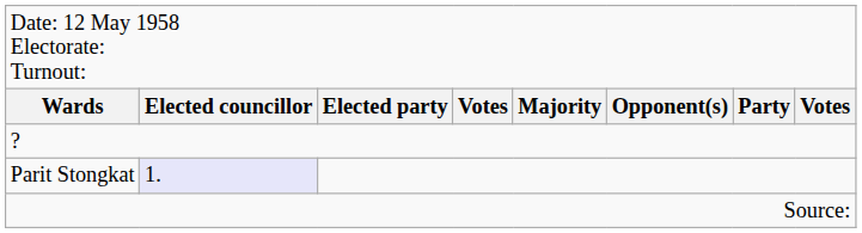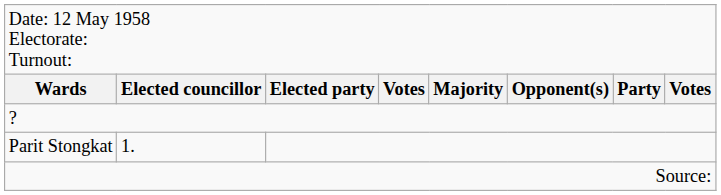 <table class=wikitable>
 <tr>
 <td colspan=8>Date: 12 May 1958<br>Electorate: <br>Turnout:</td>
 </tr>
 <tr>
 <th>Wards</th>
 <th>Elected councillor</th>
 <th>Elected party</th>
 <th>Votes</th>
 <th>Majority</th>
 <th>Opponent(s)</th>
 <th>Party</th>
 <th>Votes</th>
 </tr>
 <tr>
 <td colspan=8>? </td>
 </tr>
 <tr>
 <td>Parit Stongkat</td>
-<td style="background: lavender;">1.</td>
+<td>1.</td>
 </tr>
 <tr>
 <td colspan="8" style="text-align:right;">Source: </td>
 </tr>
 </table>
